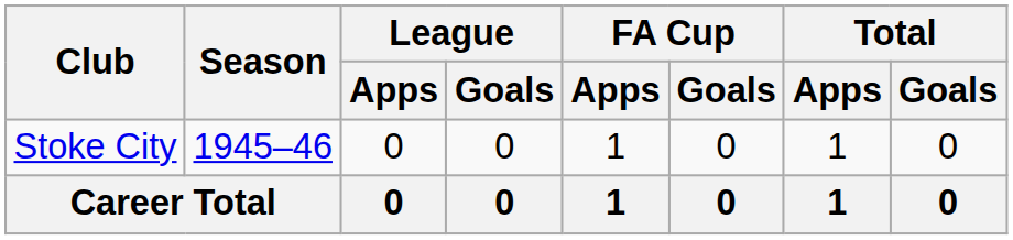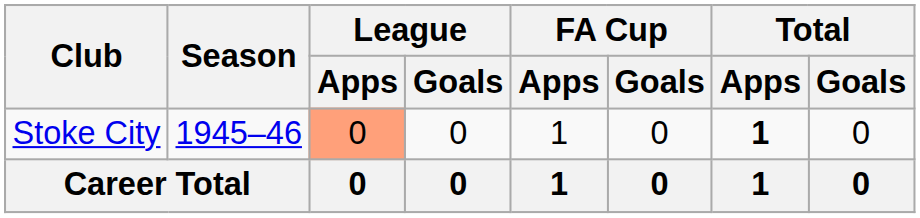 <table class="wikitable" style="text-align: center;">
 <tr>
 <th rowspan="2">Club</th>
 <th rowspan="2">Season</th>
 <th colspan="2">League</th>
 <th colspan="2">FA Cup</th>
 <th colspan="2">Total</th>
 </tr>
 <tr>
 <th>Apps</th>
 <th>Goals</th>
 <th>Apps</th>
 <th>Goals</th>
 <th>Apps</th>
 <th>Goals</th>
 </tr>
 <tr>
 <td><a href='#'>Stoke City</a></td>
 <td><a href='#'>1945–46</a></td>
-<td>0</td>
+<td style="background: lightsalmon;">0</td>
 <td>0</td>
 <td>1</td>
 <td>0</td>
-<td>1</td>
+<td><strong>1</strong></td>
 <td>0</td>
 </tr>
 <tr>
 <th colspan="2">Career Total</th>
 <th>0</th>
 <th>0</th>
 <th>1</th>
 <th>0</th>
 <th>1</th>
 <th>0</th>
 </tr>
 </table>
